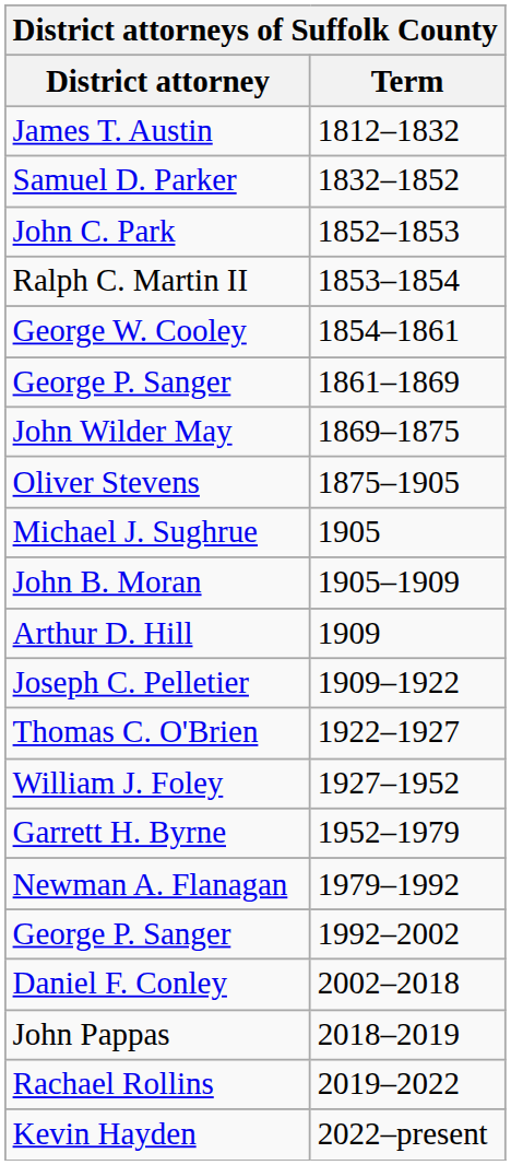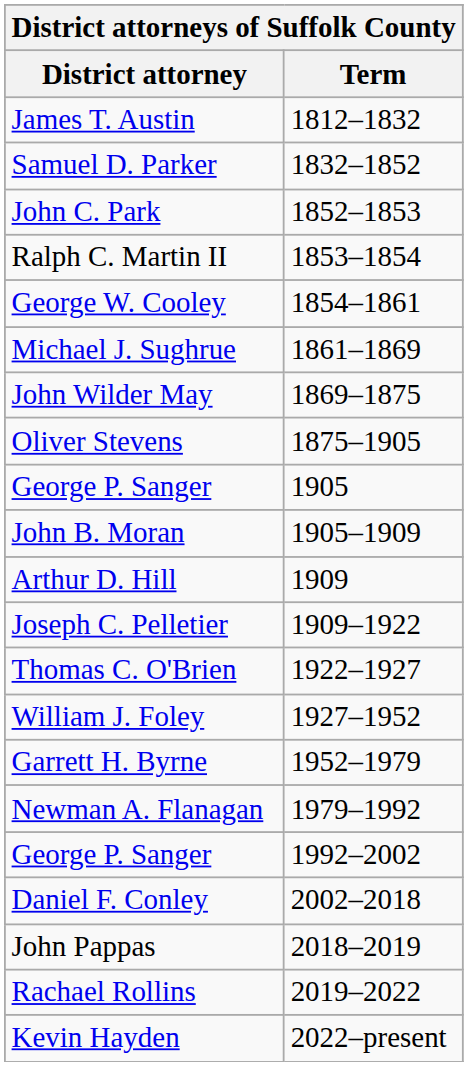 <table class="wikitable collapsible collapsed">
 <tr>
 <th colspan="2">District attorneys of Suffolk County</th>
 </tr>
 <tr>
 <th>District attorney</th>
 <th>Term</th>
 </tr>
 <tr>
 <td><a href='#'>James T. Austin</a></td>
 <td>1812–1832</td>
 </tr>
 <tr>
 <td><a href='#'>Samuel D. Parker</a></td>
 <td>1832–1852</td>
 </tr>
 <tr>
 <td><a href='#'>John C. Park</a></td>
 <td>1852–1853</td>
 </tr>
 <tr>
 <td>Ralph C. Martin II</td>
 <td>1853–1854</td>
 </tr>
 <tr>
 <td><a href='#'>George W. Cooley</a></td>
 <td>1854–1861</td>
 </tr>
 <tr>
-<td><a href='#'>George P. Sanger</a></td>
+<td><a href='#'>Michael J. Sughrue</a></td>
 <td>1861–1869</td>
 </tr>
 <tr>
 <td><a href='#'>John Wilder May</a></td>
 <td>1869–1875</td>
 </tr>
 <tr>
 <td><a href='#'>Oliver Stevens</a></td>
 <td>1875–1905</td>
 </tr>
 <tr>
-<td><a href='#'>Michael J. Sughrue</a></td>
+<td><a href='#'>George P. Sanger</a></td>
 <td>1905</td>
 </tr>
 <tr>
 <td><a href='#'>John B. Moran</a></td>
 <td>1905–1909</td>
 </tr>
 <tr>
 <td><a href='#'>Arthur D. Hill</a></td>
 <td>1909</td>
 </tr>
 <tr>
 <td><a href='#'>Joseph C. Pelletier</a></td>
 <td>1909–1922</td>
 </tr>
 <tr>
 <td><a href='#'>Thomas C. O'Brien</a></td>
 <td>1922–1927</td>
 </tr>
 <tr>
 <td><a href='#'>William J. Foley</a></td>
 <td>1927–1952</td>
 </tr>
 <tr>
 <td><a href='#'>Garrett H. Byrne</a></td>
 <td>1952–1979</td>
 </tr>
 <tr>
 <td><a href='#'>Newman A. Flanagan</a></td>
 <td>1979–1992</td>
 </tr>
 <tr>
 <td><a href='#'>George P. Sanger</a></td>
 <td>1992–2002</td>
 </tr>
 <tr>
 <td><a href='#'>Daniel F. Conley</a></td>
 <td>2002–2018</td>
 </tr>
 <tr>
 <td>John Pappas</td>
 <td>2018–2019</td>
 </tr>
 <tr>
 <td><a href='#'>Rachael Rollins</a></td>
 <td>2019–2022</td>
 </tr>
 <tr>
 <td><a href='#'>Kevin Hayden</a></td>
 <td>2022–present</td>
 </tr>
 </table>
